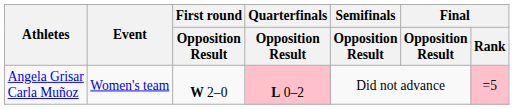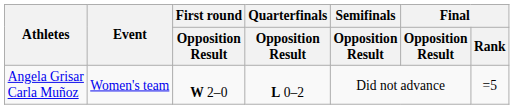 <table class="wikitable" style="font-size:89%">
 <tr>
 <th rowspan="2">Athletes</th>
 <th rowspan="2">Event</th>
 <th>First round</th>
 <th>Quarterfinals</th>
 <th>Semifinals</th>
 <th colspan="2">Final</th>
 </tr>
 <tr>
 <th>Opposition<br>Result</th>
 <th>Opposition<br>Result</th>
 <th>Opposition<br>Result</th>
 <th>Opposition<br>Result</th>
 <th>Rank</th>
 </tr>
 <tr align=center>
 <td align=left><a href='#'>Angela Grisar</a><br><a href='#'>Carla Muñoz</a></td>
 <td align=left><a href='#'>Women's team</a></td>
 <td><br><strong>W</strong> 2–0</td>
-<td style="background: pink;"><br><strong>L</strong> 0–2</td>
+<td><br><strong>L</strong> 0–2</td>
 <td colspan="2">Did not advance</td>
-<td style="background: pink;">=5</td>
+<td>=5</td>
 </tr>
 </table>
